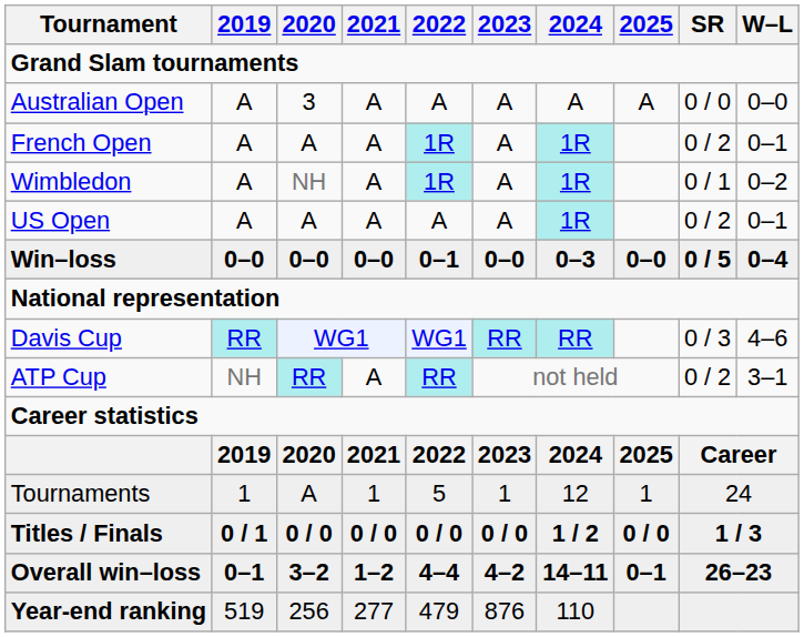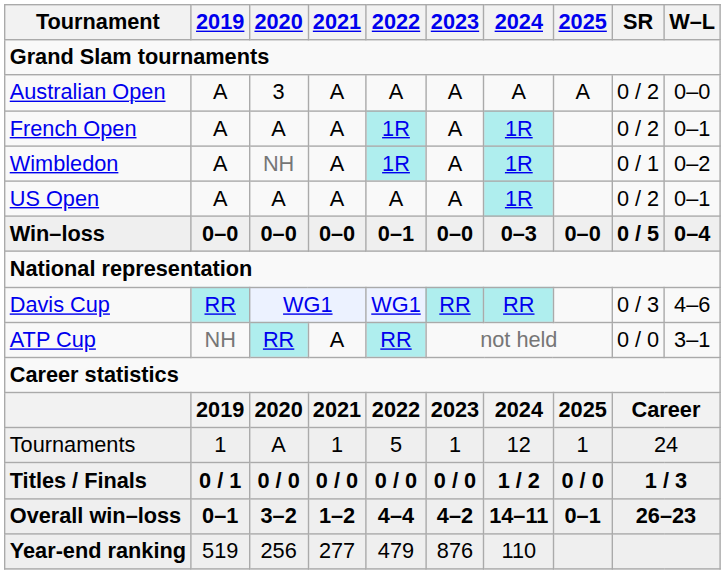 <table class=wikitable style=text-align:center;font-size:97%>
 <tr>
 <th>Tournament</th>
 <th><a href='#'>2019</a></th>
 <th><a href='#'>2020</a></th>
 <th><a href='#'>2021</a></th>
 <th><a href='#'>2022</a></th>
 <th><a href='#'>2023</a></th>
 <th><a href='#'>2024</a></th>
 <th><a href='#'>2025</a></th>
 <th>SR</th>
 <th>W–L</th>
 </tr>
 <tr>
 <td colspan="10" align="left"><strong>Grand Slam tournaments</strong></td>
 </tr>
 <tr>
 <td align=left><a href='#'>Australian Open</a></td>
 <td>A</td>
 <td>3</td>
 <td>A</td>
 <td>A</td>
 <td>A</td>
 <td>A</td>
 <td>A</td>
-<td>0 / 0</td>
+<td>0 / 2</td>
 <td>0–0</td>
 </tr>
 <tr>
 <td align=left><a href='#'>French Open</a></td>
 <td>A</td>
 <td>A</td>
 <td>A</td>
 <td bgcolor=afeeee><a href='#'>1R</a></td>
 <td>A</td>
 <td bgcolor=afeeee><a href='#'>1R</a></td>
 <td></td>
 <td>0 / 2</td>
 <td>0–1</td>
 </tr>
 <tr>
 <td align=left><a href='#'>Wimbledon</a></td>
 <td>A</td>
 <td style=color:#767676>NH</td>
 <td>A</td>
 <td bgcolor=afeeee><a href='#'>1R</a></td>
 <td>A</td>
 <td bgcolor=afeeee><a href='#'>1R</a></td>
 <td></td>
 <td>0 / 1</td>
 <td>0–2</td>
 </tr>
 <tr>
 <td align=left><a href='#'>US Open</a></td>
 <td>A</td>
 <td>A</td>
 <td>A</td>
 <td>A</td>
 <td>A</td>
 <td bgcolor=afeeee><a href='#'>1R</a></td>
 <td></td>
 <td>0 / 2</td>
 <td>0–1</td>
 </tr>
 <tr style=font-weight:bold;background:#efefef>
 <td style=text-align:left>Win–loss</td>
 <td>0–0</td>
 <td>0–0</td>
 <td>0–0</td>
 <td>0–1</td>
 <td>0–0</td>
 <td>0–3</td>
 <td>0–0</td>
 <td>0 / 5</td>
 <td>0–4</td>
 </tr>
 <tr>
 <td colspan="10" align="left"><strong>National representation</strong></td>
 </tr>
 <tr>
 <td align=left><a href='#'>Davis Cup</a></td>
 <td bgcolor=afeeee><a href='#'>RR</a></td>
 <td colspan=2 bgcolor=ecf2ff><a href='#'>WG1</a></td>
 <td bgcolor=ecf2ff><a href='#'>WG1</a></td>
 <td bgcolor=afeeee><a href='#'>RR</a></td>
 <td bgcolor=afeeee><a href='#'>RR</a></td>
 <td></td>
 <td>0 / 3</td>
 <td>4–6</td>
 </tr>
 <tr>
 <td align=left><a href='#'>ATP Cup</a></td>
 <td style=color:#767676>NH</td>
 <td bgcolor=afeeee><a href='#'>RR</a></td>
 <td>A</td>
 <td bgcolor=afeeee><a href='#'>RR</a></td>
 <td colspan=3 style=color:#767676>not held</td>
-<td>0 / 2</td>
+<td>0 / 0</td>
 <td>3–1</td>
 </tr>
 <tr>
 <td colspan="10" align="left"><strong>Career statistics</strong></td>
 </tr>
 <tr>
 <th></th>
 <th>2019</th>
 <th>2020</th>
 <th>2021</th>
 <th>2022</th>
 <th>2023</th>
 <th>2024</th>
 <th>2025</th>
 <th ! colspan="2">Career</th>
 </tr>
 <tr bgcolor=efefef>
 <td align=left>Tournaments</td>
 <td>1</td>
 <td>A</td>
 <td>1</td>
 <td>5</td>
 <td>1</td>
 <td>12</td>
 <td>1</td>
 <td colspan="2">24</td>
 </tr>
 <tr style=font-weight:bold;background:#efefef>
 <td style=text-align:left>Titles / Finals</td>
 <td>0 / 1</td>
 <td>0 / 0</td>
 <td>0 / 0</td>
 <td>0 / 0</td>
 <td>0 / 0</td>
 <td>1 / 2</td>
 <td>0 / 0</td>
 <td colspan="2">1 / 3</td>
 </tr>
 <tr style=font-weight:bold;background:#efefef>
 <td style=text-align:left>Overall win–loss</td>
 <td>0–1</td>
 <td>3–2</td>
 <td>1–2</td>
 <td>4–4</td>
 <td>4–2</td>
 <td>14–11</td>
 <td>0–1</td>
 <td colspan="2">26–23</td>
 </tr>
 <tr bgcolor=efefef>
 <td align=left><strong>Year-end ranking</strong></td>
 <td>519</td>
 <td>256</td>
 <td>277</td>
 <td>479</td>
 <td>876</td>
 <td>110</td>
 <td></td>
 <td colspan="2"></td>
 </tr>
 </table>
